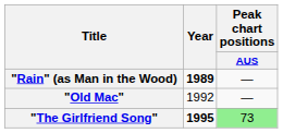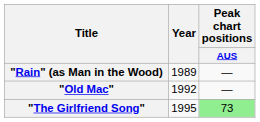 <table class="wikitable plainrowheaders" style="text-align:center;">
 <tr>
 <th scope="col" rowspan="2" style="width:14em;">Title</th>
 <th scope="col" rowspan="2" style="width:1em;">Year</th>
 <th scope="col">Peak chart positions</th>
 </tr>
 <tr>
 <th scope="col" style="width:3em;font-size:85%;"><a href='#'>AUS</a><br></th>
 </tr>
 <tr>
 <th scope="row">"<a href='#'>Rain</a>" (as Man in the Wood)</th>
-<td><strong>1989</strong></td>
+<td>1989</td>
 <td>—</td>
 </tr>
 <tr>
 <th scope="row">"<a href='#'>Old Mac</a>"</th>
 <td>1992</td>
 <td>—</td>
 </tr>
 <tr>
 <th scope="row">"<a href='#'>The Girlfriend Song</a>"</th>
-<td><strong>1995</strong></td>
+<td>1995</td>
 <td style="background: lightgreen;">73</td>
 </tr>
 </table>
